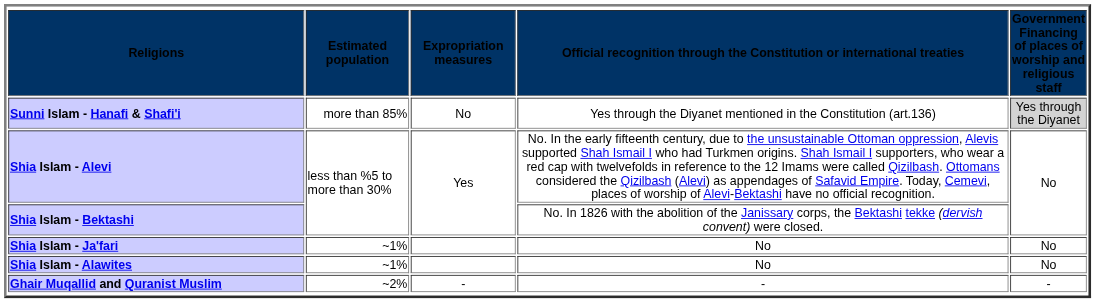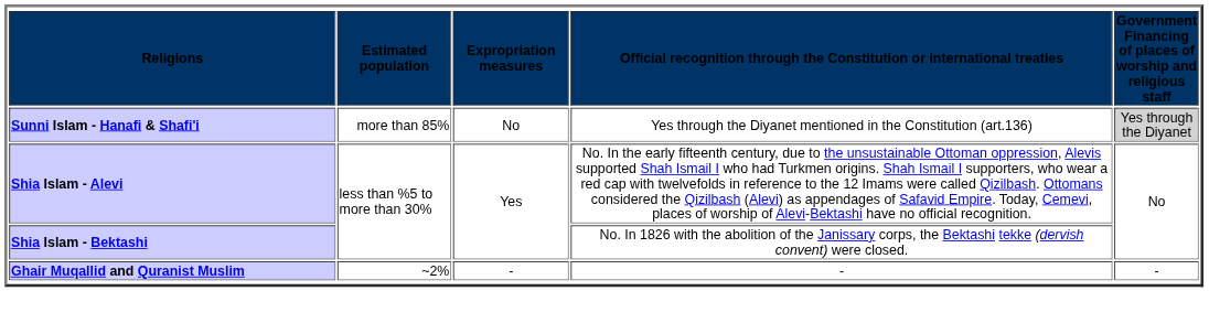 <table border="3px solid" style="margin:0 auto; padding: 0; font-size: 90%; center:; :; :">
 <tr>
 </tr>
 <tr>
 <th bgcolor="#003366" align="center" width="30%"><span>Religions</span></th>
 <th bgcolor="#003366" align="center" width="10%"><span>Estimated population</span></th>
 <th bgcolor="#003366" align="center" width="10%"><span>Expropriation <br>measures</span></th>
 <th bgcolor="#003366" align="center" width="50%"><span>Official recognition through the Constitution or international treaties</span></th>
 <th bgcolor="#003366" align="center" width="10%"><span>Government Financing of places of worship and religious staff</span></th>
 </tr>
 <tr>
 <th scope="row" style="background:#CCCCFF;text-align:left"><a href='#'>Sunni</a> Islam - <a href='#'>Hanafi</a> & <a href='#'>Shafi'i</a></th>
 <td align="right">more than 85%</td>
 <td align="center">No</td>
 <td align="center">Yes through the Diyanet mentioned in the Constitution (art.136)</td>
 <td align="center" style="background: lightgrey;">Yes through the Diyanet</td>
 </tr>
 <tr>
 <th scope="row" style="background:#CCCCFF;text-align:left"><a href='#'>Shia</a> Islam - <a href='#'>Alevi</a></th>
 <td rowspan=2>less than %5 to more than 30%</td>
 <td rowspan=2 align="center">Yes</td>
 <td align="center">No. In the early fifteenth century, due to <a href='#'>the unsustainable Ottoman oppression</a>, <a href='#'>Alevis</a> supported <a href='#'>Shah Ismail I</a> who had Turkmen origins. <a href='#'>Shah Ismail I</a> supporters, who wear a red cap with twelvefolds in reference to the 12 Imams were called <a href='#'>Qizilbash</a>. <a href='#'>Ottomans</a> considered the <a href='#'>Qizilbash</a> (<a href='#'>Alevi</a>) as appendages of <a href='#'>Safavid Empire</a>. Today, <a href='#'>Cemevi</a>, places of worship of <a href='#'>Alevi</a>-<a href='#'>Bektashi</a> have no official recognition.</td>
 <td rowspan=2 align="center">No</td>
 </tr>
 <tr>
 <th scope="row" style="background:#CCCCFF;text-align:left"><a href='#'>Shia</a> Islam - <a href='#'>Bektashi</a></th>
 <td align="center">No. In 1826 with the abolition of the <a href='#'>Janissary</a> corps, the <a href='#'>Bektashi</a> <a href='#'>tekke</a> <em>(<a href='#'>dervish</a> convent)</em> were closed.</td>
 </tr>
 <tr>
-<th scope="row" style="background:#CCCCFF;text-align:left"><a href='#'>Shia</a> Islam - <a href='#'>Ja'fari</a></th>
-<td align="right">~1% <br></td>
-<td align="center"></td>
-<td align="center">No</td>
-<td align="center">No</td>
-</tr>
-<tr>
-<th scope="row" style="background:#CCCCFF;text-align:left"><a href='#'>Shia</a> Islam - <a href='#'>Alawites</a></th>
-<td align="right">~1%</td>
-<td align="center"></td>
-<td align="center">No</td>
-<td align="center">No</td>
-</tr>
-<tr>
 <th scope="row" style="background:#CCCCFF;text-align:left"><a href='#'>Ghair Muqallid</a> and <a href='#'>Quranist Muslim</a></th>
 <td align="right">~2% </td>
 <td align="center">-</td>
 <td align="center">-</td>
 <td align="center">-</td>
 </tr>
 <tr>
 </tr>
 </table>
